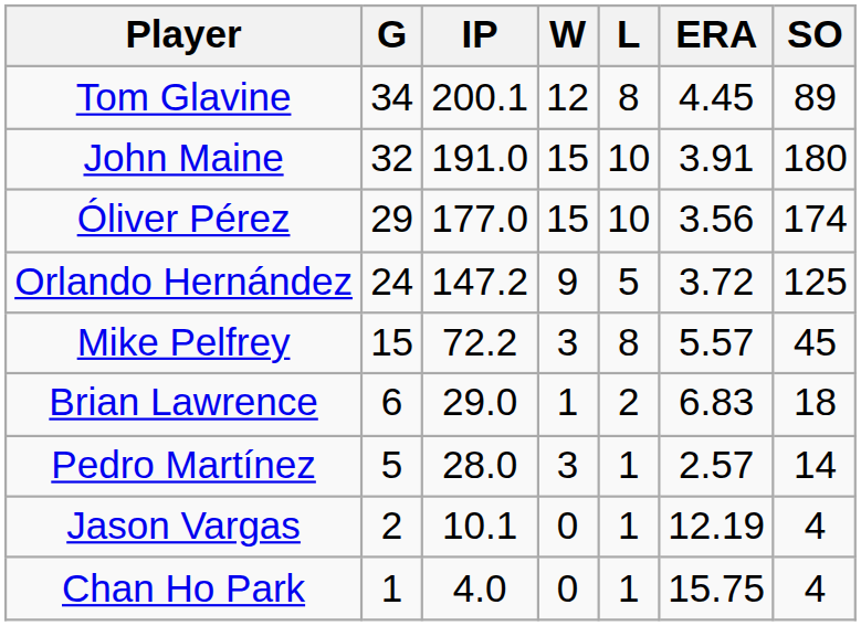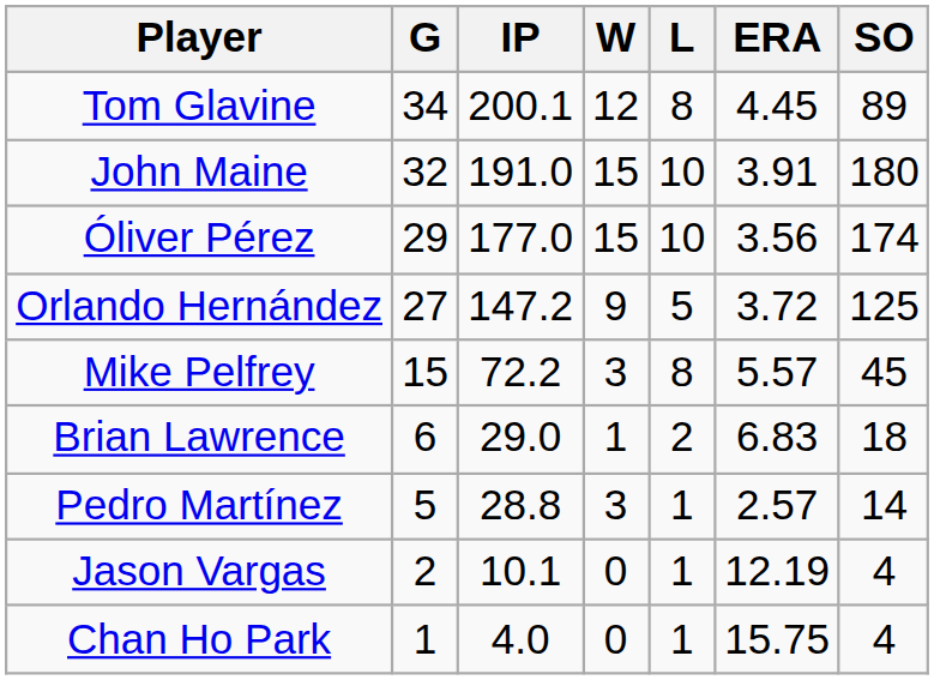 <table class="wikitable sortable">
 <tr>
 <th>Player</th>
 <th>G</th>
 <th>IP</th>
 <th>W</th>
 <th>L</th>
 <th>ERA</th>
 <th>SO</th>
 </tr>
 <tr align="center">
 <td><a href='#'>Tom Glavine</a></td>
 <td>34</td>
 <td>200.1</td>
 <td>12</td>
 <td>8</td>
 <td>4.45</td>
 <td>89</td>
 </tr>
 <tr align=center>
 <td><a href='#'>John Maine</a></td>
 <td>32</td>
 <td>191.0</td>
 <td>15</td>
 <td>10</td>
 <td>3.91</td>
 <td>180</td>
 </tr>
 <tr align="center">
 <td><a href='#'>Óliver Pérez</a></td>
 <td>29</td>
 <td>177.0</td>
 <td>15</td>
 <td>10</td>
 <td>3.56</td>
 <td>174</td>
 </tr>
 <tr align=center>
 <td><a href='#'>Orlando Hernández</a></td>
-<td>24</td>
+<td>27</td>
 <td>147.2</td>
 <td>9</td>
 <td>5</td>
 <td>3.72</td>
 <td>125</td>
 </tr>
 <tr align=center>
 <td><a href='#'>Mike Pelfrey</a></td>
 <td>15</td>
 <td>72.2</td>
 <td>3</td>
 <td>8</td>
 <td>5.57</td>
 <td>45</td>
 </tr>
 <tr align=center>
 <td><a href='#'>Brian Lawrence</a></td>
 <td>6</td>
 <td>29.0</td>
 <td>1</td>
 <td>2</td>
 <td>6.83</td>
 <td>18</td>
 </tr>
 <tr align=center>
 <td><a href='#'>Pedro Martínez</a></td>
 <td>5</td>
-<td>28.0</td>
+<td>28.8</td>
 <td>3</td>
 <td>1</td>
 <td>2.57</td>
 <td>14</td>
 </tr>
 <tr align=center>
 <td><a href='#'>Jason Vargas</a></td>
 <td>2</td>
 <td>10.1</td>
 <td>0</td>
 <td>1</td>
 <td>12.19</td>
 <td>4</td>
 </tr>
 <tr align=center>
 <td><a href='#'>Chan Ho Park</a></td>
 <td>1</td>
 <td>4.0</td>
 <td>0</td>
 <td>1</td>
 <td>15.75</td>
 <td>4</td>
 </tr>
 </table>
